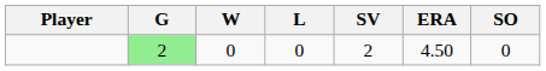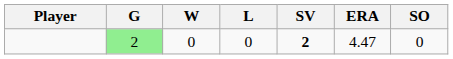 <table class="wikitable sortable">
 <tr>
 <th bgcolor="#DDDDFF" width="16%">Player</th>
 <th bgcolor="#DDDDFF" width="9%">G</th>
 <th bgcolor="#DDDDFF" width="9%">W</th>
 <th bgcolor="#DDDDFF" width="9%">L</th>
 <th bgcolor="#DDDDFF" width="9%">SV</th>
 <th bgcolor="#DDDDFF" width="9%">ERA</th>
 <th bgcolor="#DDDDFF" width="9%">SO</th>
 </tr>
 <tr align="center">
 <td></td>
 <td style="background: lightgreen;">2</td>
 <td>0</td>
 <td>0</td>
-<td>2</td>
-<td>4.50</td>
+<td><strong>2</strong></td>
+<td>4.47</td>
 <td>0</td>
 </tr>
 </table>
